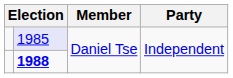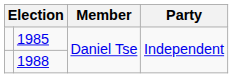 <table class="wikitable">
 <tr>
 <th colspan="2">Election</th>
 <th>Member</th>
 <th>Party</th>
 </tr>
 <tr>
 <td bgcolor=></td>
-<td style="background: lavender;"><a href='#'>1985</a></td>
+<td><a href='#'>1985</a></td>
 <td rowspan="2"><a href='#'>Daniel Tse</a></td>
 <td rowspan="2"><a href='#'>Independent</a></td>
 </tr>
 <tr>
 <td bgcolor=></td>
-<td><strong><a href='#'>1988</a></strong></td>
+<td><a href='#'>1988</a></td>
 </tr>
 </table>
